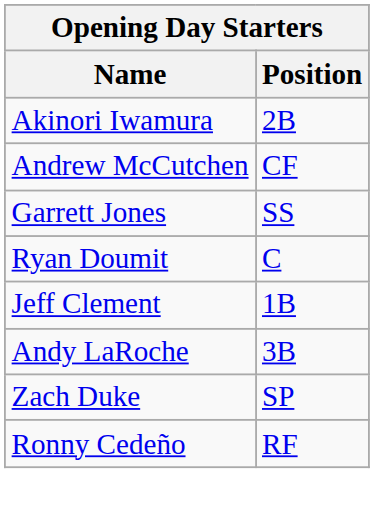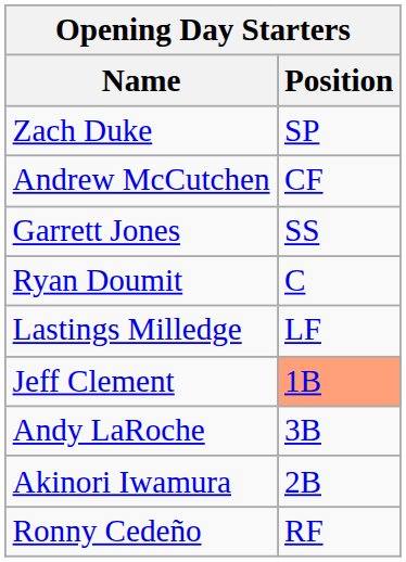 <table class="wikitable" style="text-align:left">
 <tr>
 <th colspan="2">Opening Day Starters</th>
 </tr>
 <tr>
 <th>Name</th>
 <th>Position</th>
 </tr>
 <tr>
-<td><a href='#'>Akinori Iwamura</a></td>
-<td><a href='#'>2B</a></td>
+<td><a href='#'>Zach Duke</a></td>
+<td><a href='#'>SP</a></td>
 </tr>
 <tr>
 <td><a href='#'>Andrew McCutchen</a></td>
 <td><a href='#'>CF</a></td>
 </tr>
 <tr>
 <td><a href='#'>Garrett Jones</a></td>
 <td><a href='#'>SS</a></td>
 </tr>
 <tr>
 <td><a href='#'>Ryan Doumit</a></td>
 <td><a href='#'>C</a></td>
 </tr>
 <tr>
+<td><a href='#'>Lastings Milledge</a></td>
+<td><a href='#'>LF</a></td>
+</tr>
+<tr>
 <td><a href='#'>Jeff Clement</a></td>
-<td><a href='#'>1B</a></td>
+<td style="background: lightsalmon;"><a href='#'>1B</a></td>
 </tr>
 <tr>
 <td><a href='#'>Andy LaRoche</a></td>
 <td><a href='#'>3B</a></td>
 </tr>
 <tr>
-<td><a href='#'>Zach Duke</a></td>
-<td><a href='#'>SP</a></td>
+<td><a href='#'>Akinori Iwamura</a></td>
+<td><a href='#'>2B</a></td>
 </tr>
 <tr>
 <td><a href='#'>Ronny Cedeño</a></td>
 <td><a href='#'>RF</a></td>
 </tr>
 </table>
